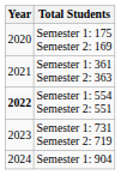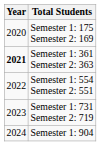 <table class="wikitable sortable">
 <tr>
 <th>Year</th>
 <th>Total Students</th>
 </tr>
 <tr>
 <td>2020</td>
 <td>Semester 1: 175<br>Semester 2: 169</td>
 </tr>
 <tr>
-<td>2021</td>
+<td><strong>2021</strong></td>
 <td>Semester 1: 361<br>Semester 2: 363</td>
 </tr>
 <tr>
-<td><strong>2022</strong></td>
+<td>2022</td>
 <td>Semester 1: 554<br>Semester 2: 551</td>
 </tr>
 <tr>
 <td>2023</td>
 <td>Semester 1: 731<br>Semester 2: 719</td>
 </tr>
 <tr>
 <td>2024</td>
 <td>Semester 1: 904</td>
 </tr>
 </table>
